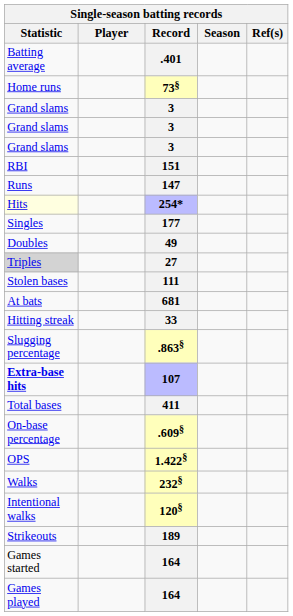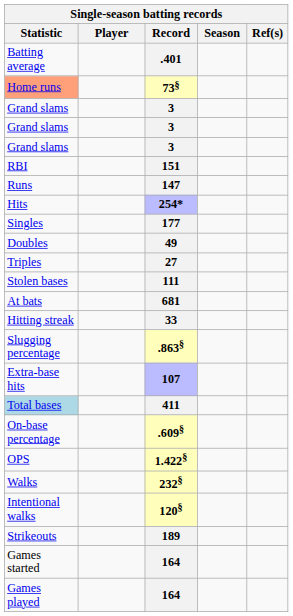 <table class="wikitable sortable" style="text-align:left" width="60%">
 <tr>
 <th colspan=5>Single-season batting records</th>
 </tr>
 <tr>
 <th scope="col" width=18%>Statistic</th>
 <th scope="col" width=18%>Player</th>
 <th scope="col" width=10% class="unsortable">Record</th>
 <th scope="col" width=10%>Season</th>
 <th scope="col" width=5% class="unsortable">Ref(s)</th>
 </tr>
 <tr>
 <td><a href='#'>Batting average</a></td>
 <td></td>
 <th scope="row">.401</th>
 <td></td>
 <td></td>
 </tr>
 <tr>
-<td><a href='#'>Home runs</a></td>
+<td style="background: lightsalmon;"><a href='#'>Home runs</a></td>
 <td></td>
 <th scope="row" style="background-color:#ffffbb">73<sup>§</sup></th>
 <td></td>
 <td></td>
 </tr>
 <tr>
 <td><a href='#'>Grand slams</a></td>
 <td></td>
 <th scope="row">3</th>
 <td></td>
 <td></td>
 </tr>
 <tr>
 <td><a href='#'>Grand slams</a></td>
 <td></td>
 <th scope="row">3</th>
 <td></td>
 <td></td>
 </tr>
 <tr>
 <td><a href='#'>Grand slams</a></td>
 <td></td>
 <th scope="row">3</th>
 <td></td>
 <td></td>
 </tr>
 <tr>
 <td><a href='#'>RBI</a></td>
 <td></td>
 <th scope="row">151</th>
 <td></td>
 <td></td>
 </tr>
 <tr>
 <td><a href='#'>Runs</a></td>
 <td></td>
 <th scope="row">147</th>
 <td></td>
 <td></td>
 </tr>
 <tr>
-<td style="background: lightyellow;"><a href='#'>Hits</a></td>
+<td><a href='#'>Hits</a></td>
 <td></td>
 <th scope="row" style="background-color:#bbbbff">254*</th>
 <td></td>
 <td></td>
 </tr>
 <tr>
 <td><a href='#'>Singles</a></td>
 <td></td>
 <th scope="row">177</th>
 <td></td>
 <td></td>
 </tr>
 <tr>
 <td><a href='#'>Doubles</a></td>
 <td></td>
 <th scope="row">49</th>
 <td></td>
 <td></td>
 </tr>
 <tr>
-<td style="background: lightgrey;"><a href='#'>Triples</a></td>
+<td><a href='#'>Triples</a></td>
 <td></td>
 <th scope="row">27</th>
 <td></td>
 <td></td>
 </tr>
 <tr>
 <td><a href='#'>Stolen bases</a></td>
 <td></td>
 <th scope="row">111</th>
 <td></td>
 <td></td>
 </tr>
 <tr>
 <td><a href='#'>At bats</a></td>
 <td></td>
 <th scope="row">681</th>
 <td></td>
 <td></td>
 </tr>
 <tr>
 <td><a href='#'>Hitting streak</a></td>
 <td></td>
 <th scope="row">33</th>
 <td></td>
 <td></td>
 </tr>
 <tr>
 <td><a href='#'>Slugging percentage</a></td>
 <td></td>
 <th scope="row" style="background-color:#ffffbb">.863<sup>§</sup></th>
 <td></td>
 <td></td>
 </tr>
 <tr>
-<td><strong><a href='#'>Extra-base hits</a></strong></td>
+<td><a href='#'>Extra-base hits</a></td>
 <td></td>
 <th scope="row" style="background-color:#bbbbff">107</th>
 <td></td>
 <td></td>
 </tr>
 <tr>
-<td><a href='#'>Total bases</a></td>
+<td style="background: lightblue;"><a href='#'>Total bases</a></td>
 <td></td>
 <th scope="row">411</th>
 <td></td>
 <td></td>
 </tr>
 <tr>
 <td><a href='#'>On-base percentage</a></td>
 <td></td>
 <th scope="row" style="background-color:#ffffbb">.609<sup>§</sup></th>
 <td></td>
 <td></td>
 </tr>
 <tr>
 <td><a href='#'>OPS</a></td>
 <td></td>
 <th scope="row" style="background-color:#ffffbb">1.422<sup>§</sup></th>
 <td></td>
 <td></td>
 </tr>
 <tr>
 <td><a href='#'>Walks</a></td>
 <td></td>
 <th scope="row" style="background-color:#ffffbb">232<sup>§</sup></th>
 <td></td>
 <td></td>
 </tr>
 <tr>
 <td><a href='#'>Intentional walks</a></td>
 <td></td>
 <th scope="row" style="background-color:#ffffbb">120<sup>§</sup></th>
 <td></td>
 <td></td>
 </tr>
 <tr>
 <td><a href='#'>Strikeouts</a></td>
 <td></td>
 <th scope="row">189</th>
 <td></td>
 <td></td>
 </tr>
 <tr>
 <td>Games started</td>
 <td></td>
 <th scope="row">164</th>
 <td></td>
 <td></td>
 </tr>
 <tr>
 <td><a href='#'>Games played</a></td>
 <td></td>
 <th scope="row">164</th>
 <td></td>
 <td></td>
 </tr>
 </table>
